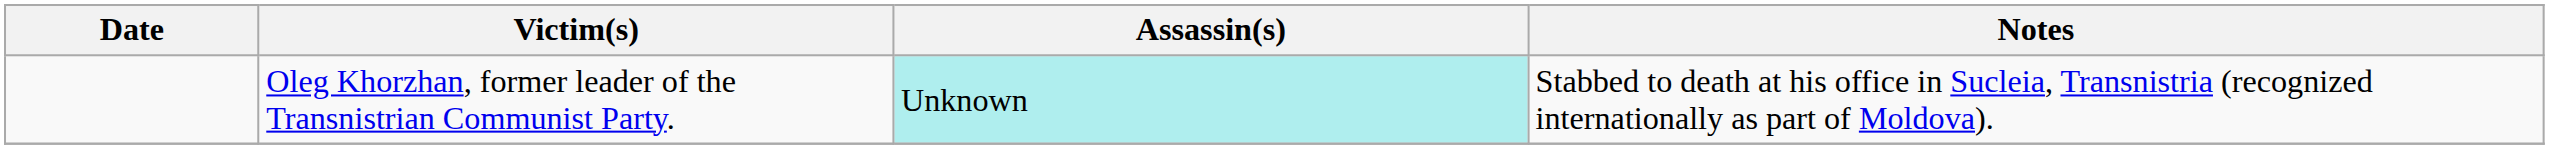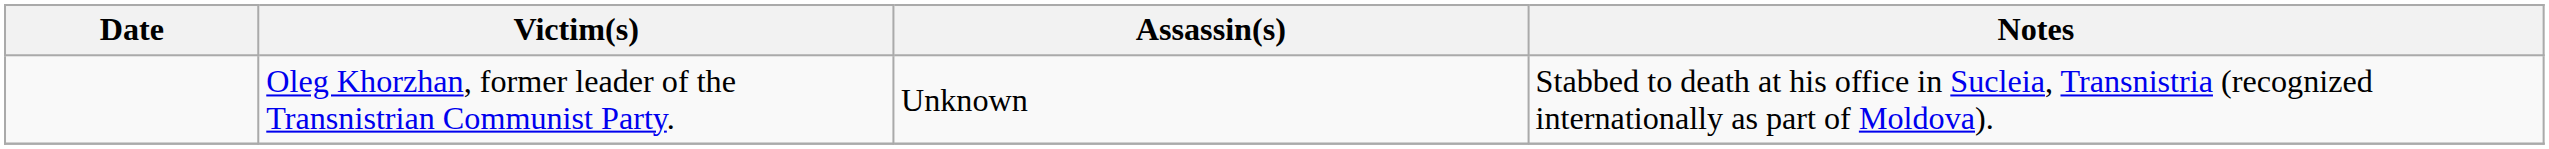 <table class="wikitable sortable" style="width:100%">
 <tr>
 <th style="width:10%">Date</th>
 <th style="width:25%">Victim(s)</th>
 <th style="width:25%">Assassin(s)</th>
 <th style="width:40%">Notes</th>
 </tr>
 <tr>
 <td></td>
 <td><a href='#'>Oleg Khorzhan</a>, former leader of the <a href='#'>Transnistrian Communist Party</a>.</td>
-<td style="background: paleturquoise;">Unknown</td>
+<td>Unknown</td>
 <td>Stabbed to death at his office in <a href='#'>Sucleia</a>, <a href='#'>Transnistria</a> (recognized internationally as part of <a href='#'>Moldova</a>).</td>
 </tr>
 <tr>
 </tr>
 </table>
